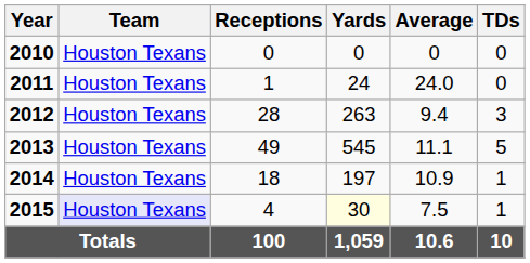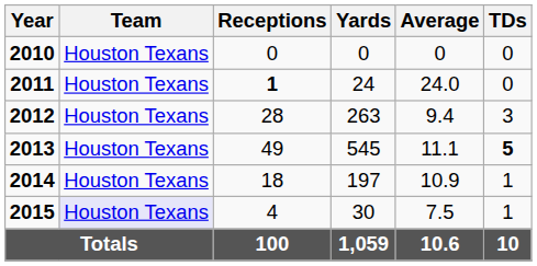 <table class="wikitable" style="text-align:center;">
 <tr>
 <th>Year</th>
 <th>Team</th>
 <th>Receptions</th>
 <th>Yards</th>
 <th>Average</th>
 <th>TDs</th>
 </tr>
 <tr>
 <td><strong>2010</strong></td>
 <td><a href='#'>Houston Texans</a></td>
 <td>0</td>
 <td>0</td>
 <td>0</td>
 <td>0</td>
 </tr>
 <tr>
 <td><strong>2011</strong></td>
 <td><a href='#'>Houston Texans</a></td>
-<td>1</td>
+<td><strong>1</strong></td>
 <td>24</td>
 <td>24.0</td>
 <td>0</td>
 </tr>
 <tr>
 <td><strong>2012</strong></td>
 <td><a href='#'>Houston Texans</a></td>
 <td>28</td>
 <td>263</td>
 <td>9.4</td>
 <td>3</td>
 </tr>
 <tr>
 <td><strong>2013</strong></td>
 <td><a href='#'>Houston Texans</a></td>
 <td>49</td>
 <td>545</td>
 <td>11.1</td>
-<td>5</td>
+<td><strong>5</strong></td>
 </tr>
 <tr>
 <td><strong>2014</strong></td>
 <td><a href='#'>Houston Texans</a></td>
 <td>18</td>
 <td>197</td>
 <td>10.9</td>
 <td>1</td>
 </tr>
 <tr>
 <td><strong>2015</strong></td>
 <td style="background: lavender;"><a href='#'>Houston Texans</a></td>
 <td>4</td>
-<td style="background: lightyellow;">30</td>
+<td>30</td>
 <td>7.5</td>
 <td>1</td>
 </tr>
 <tr style="background:#555555;font-weight:bold;color:white;">
 <td colspan=2>Totals</td>
 <td>100</td>
 <td>1,059</td>
 <td>10.6</td>
 <td>10</td>
 </tr>
 <tr style="background:#555555;font-weight:bold;color:white;">
 </tr>
 </table>
